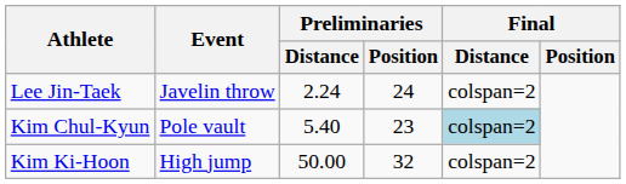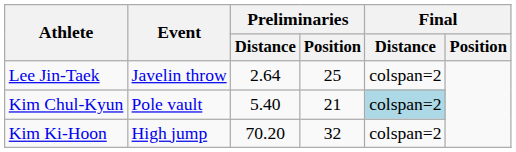 <table class=wikitable style="font-size:90%">
 <tr>
 <th rowspan="2">Athlete</th>
 <th rowspan="2">Event</th>
 <th colspan="2">Preliminaries</th>
 <th colspan="2">Final</th>
 </tr>
 <tr style="font-size:95%">
 <th>Distance</th>
 <th>Position</th>
 <th>Distance</th>
 <th>Position</th>
 </tr>
 <tr style=text-align:center>
 <td style=text-align:left><a href='#'>Lee Jin-Taek</a></td>
 <td><a href='#'>Javelin throw</a></td>
-<td align=center>2.24</td>
-<td align=center>24</td>
+<td align=center>2.64</td>
+<td align=center>25</td>
 <td>colspan=2 </td>
 </tr>
 <tr>
 <td><a href='#'>Kim Chul-Kyun</a></td>
 <td><a href='#'>Pole vault</a></td>
 <td align=center>5.40</td>
-<td align=center>23</td>
+<td align=center>21</td>
 <td style="background: lightblue;">colspan=2 </td>
 </tr>
 <tr>
 <td><a href='#'>Kim Ki-Hoon</a></td>
 <td style=text-align:left><a href='#'>High jump</a></td>
-<td align=center>50.00</td>
+<td align=center>70.20</td>
 <td align=center>32</td>
 <td>colspan=2 </td>
 </tr>
 </table>
